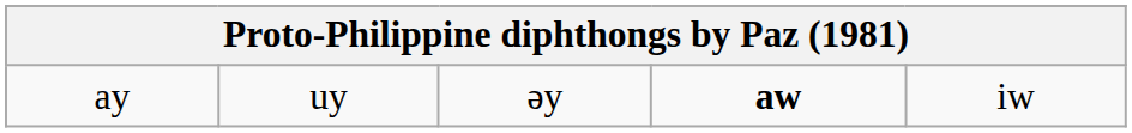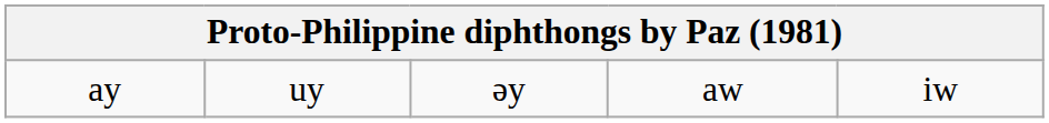 <table class="wikitable" style="text-align:center" align="center" width="30%">
 <tr>
 <th colspan="5">Proto-Philippine diphthongs by Paz (1981)</th>
 </tr>
 <tr align="center">
 <td>ay</td>
 <td>uy</td>
 <td>əy</td>
-<td><strong>aw</strong></td>
+<td>aw</td>
 <td>iw</td>
 </tr>
 </table>
